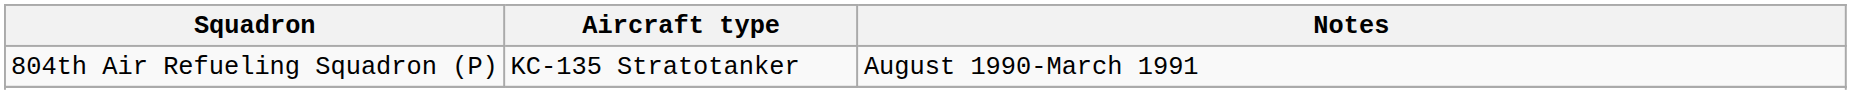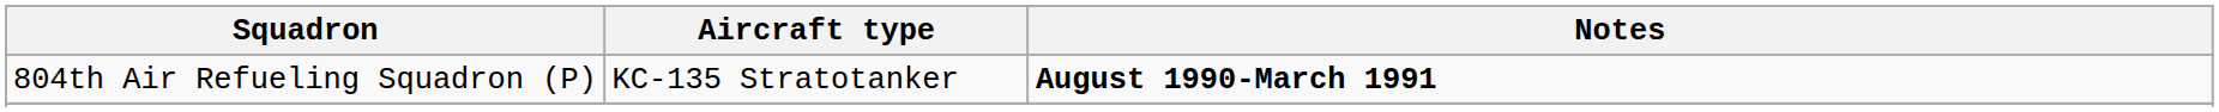 <table class="wikitable">
 <tr>
 <th scope="col" width="250">Squadron</th>
 <th scope="col" width="175">Aircraft type</th>
 <th scope="col" width="500">Notes</th>
 </tr>
 <tr valign="top">
 <td>804th Air Refueling Squadron (P)</td>
 <td>KC-135 Stratotanker</td>
-<td>August 1990-March 1991</td>
+<td><strong>August 1990-March 1991</strong></td>
 </tr>
 <tr>
 </tr>
 <tr>
 </tr>
 </table>
